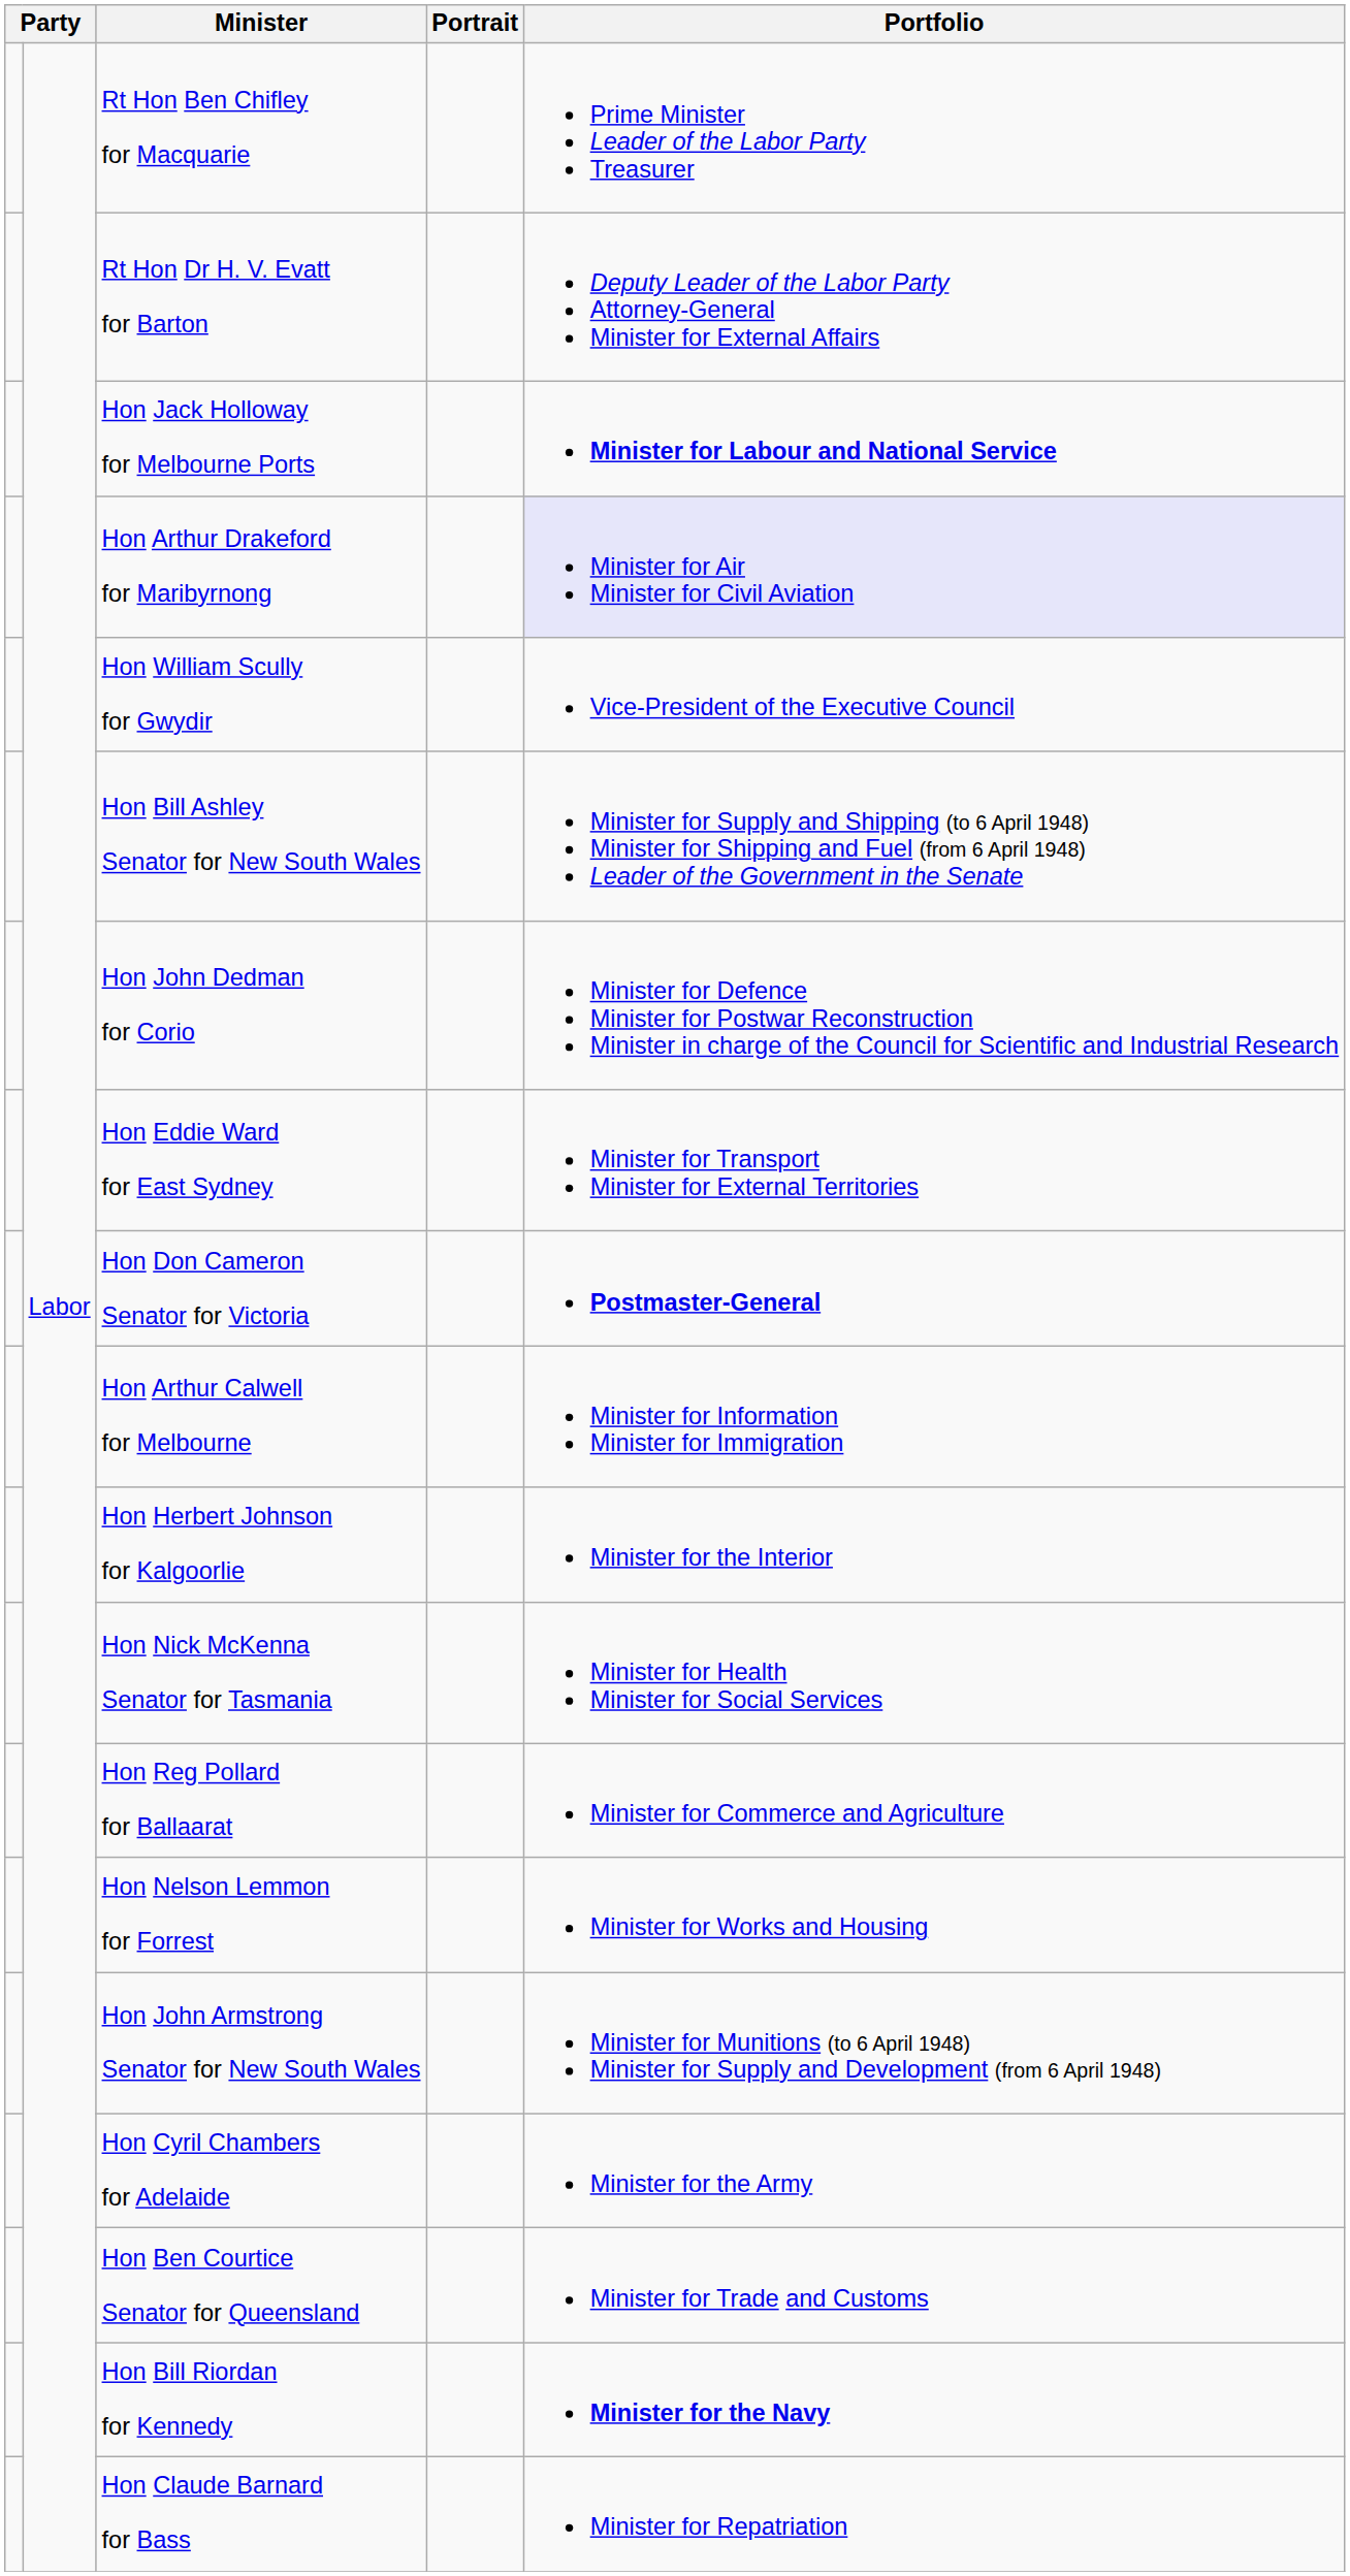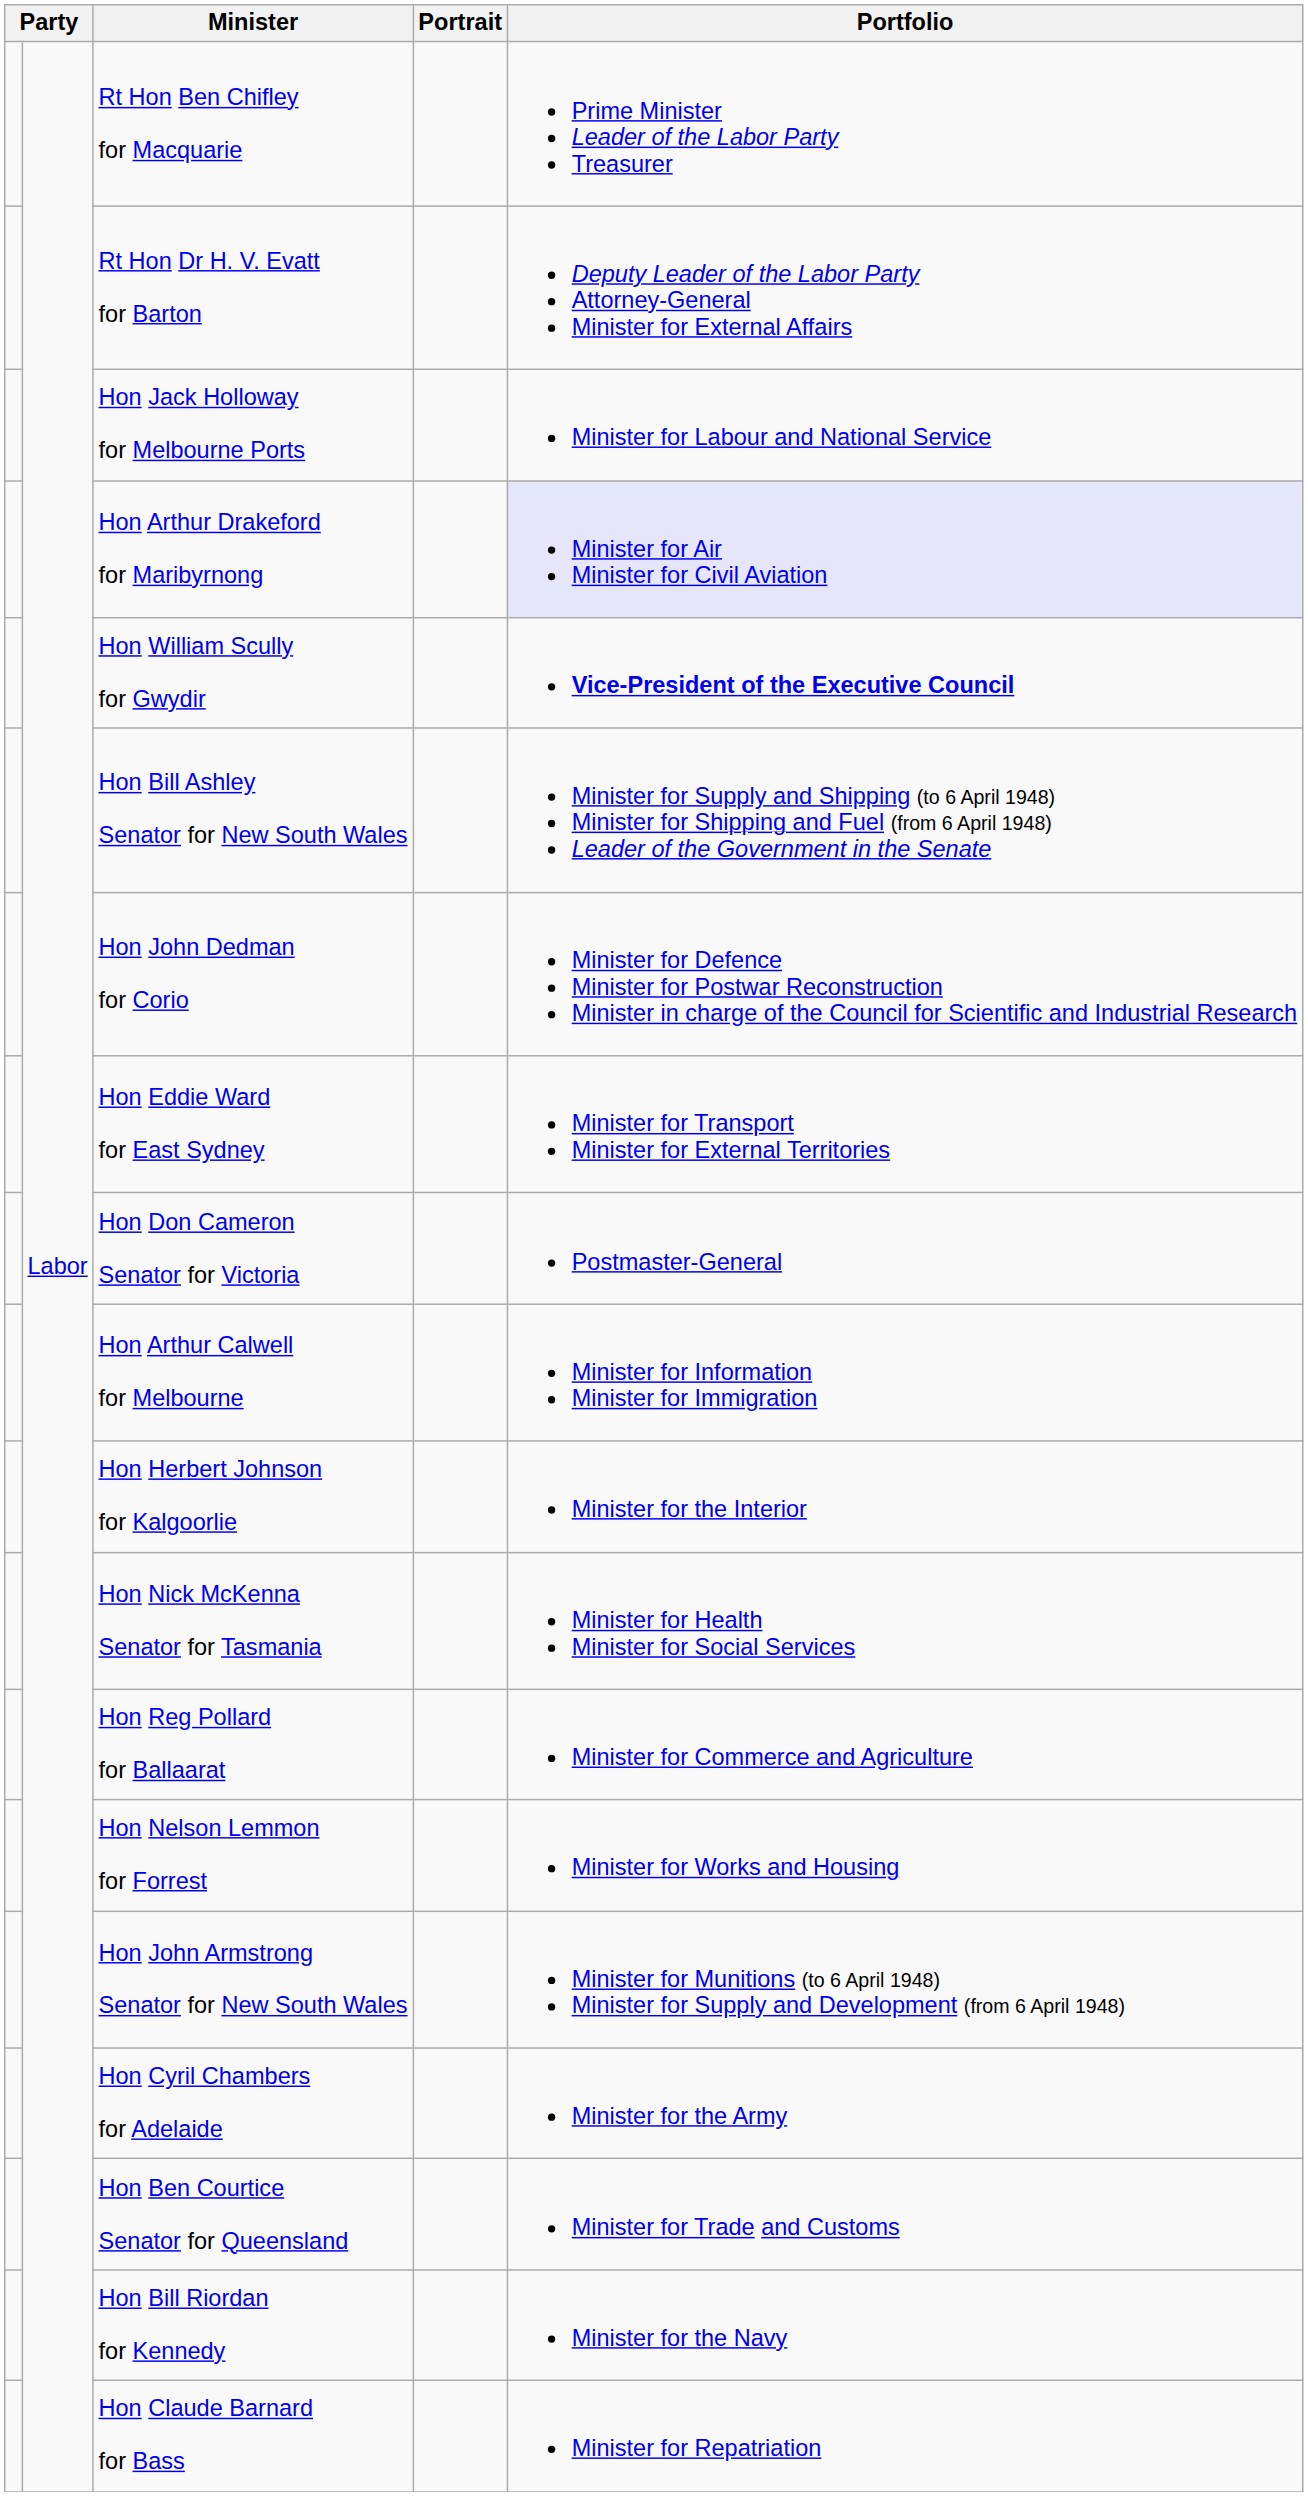 <table class="wikitable sortable">
 <tr>
 <th colspan="2">Party</th>
 <th>Minister</th>
 <th>Portrait</th>
 <th>Portfolio</th>
 </tr>
 <tr>
 <td> </td>
 <td rowspan=19><a href='#'>Labor</a></td>
 <td><a href='#'>Rt Hon</a> <a href='#'>Ben Chifley</a> <br><br> for <a href='#'>Macquarie</a> <br></td>
 <td></td>
 <td><br><ul><li><a href='#'>Prime Minister</a></li><li><em><a href='#'>Leader of the Labor Party</a></em></li><li><a href='#'>Treasurer</a></li></ul></td>
 </tr>
 <tr>
 <td> </td>
 <td><a href='#'>Rt Hon</a> <a href='#'>Dr H. V. Evatt</a>  <br><br> for <a href='#'>Barton</a> <br></td>
 <td></td>
 <td><br><ul><li><em><a href='#'>Deputy Leader of the Labor Party</a></em></li><li><a href='#'>Attorney-General</a></li><li><a href='#'>Minister for External Affairs</a></li></ul></td>
 </tr>
 <tr>
 <td> </td>
 <td><a href='#'>Hon</a> <a href='#'>Jack Holloway</a> <br><br> for <a href='#'>Melbourne Ports</a> <br></td>
 <td></td>
-<td><strong><br><ul><li><a href='#'>Minister for Labour and National Service</a></li></ul></strong></td>
+<td><br><ul><li><a href='#'>Minister for Labour and National Service</a></li></ul></td>
 </tr>
 <tr>
 <td> </td>
 <td><a href='#'>Hon</a> <a href='#'>Arthur Drakeford</a> <br><br> for <a href='#'>Maribyrnong</a> <br></td>
 <td></td>
 <td style="background: lavender;"><br><ul><li><a href='#'>Minister for Air</a></li><li><a href='#'>Minister for Civil Aviation</a></li></ul></td>
 </tr>
 <tr>
 <td> </td>
 <td><a href='#'>Hon</a> <a href='#'>William Scully</a> <br><br> for <a href='#'>Gwydir</a> <br></td>
 <td></td>
-<td><br><ul><li><a href='#'>Vice-President of the Executive Council</a></li></ul></td>
+<td><strong><br><ul><li><a href='#'>Vice-President of the Executive Council</a></li></ul></strong></td>
 </tr>
 <tr>
 <td> </td>
 <td><a href='#'>Hon</a> <a href='#'>Bill Ashley</a> <br><br><a href='#'>Senator</a> for <a href='#'>New South Wales</a> <br></td>
 <td></td>
 <td><br><ul><li><a href='#'>Minister for Supply and Shipping</a> <small>(to 6 April 1948)</small></li><li><a href='#'>Minister for Shipping and Fuel</a> <small>(from 6 April 1948)</small></li><li><em><a href='#'>Leader of the Government in the Senate</a></em></li></ul></td>
 </tr>
 <tr>
 <td> </td>
 <td><a href='#'>Hon</a> <a href='#'>John Dedman</a> <br><br> for <a href='#'>Corio</a> <br></td>
 <td></td>
 <td><br><ul><li><a href='#'>Minister for Defence</a></li><li><a href='#'>Minister for Postwar Reconstruction</a></li><li><a href='#'>Minister in charge of the Council for Scientific and Industrial Research</a></li></ul></td>
 </tr>
 <tr>
 <td> </td>
 <td><a href='#'>Hon</a> <a href='#'>Eddie Ward</a> <br><br> for <a href='#'>East Sydney</a> <br></td>
 <td></td>
 <td><br><ul><li><a href='#'>Minister for Transport</a></li><li><a href='#'>Minister for External Territories</a></li></ul></td>
 </tr>
 <tr>
 <td> </td>
 <td><a href='#'>Hon</a> <a href='#'>Don Cameron</a> <br><br><a href='#'>Senator</a> for <a href='#'>Victoria</a> <br></td>
 <td></td>
-<td><strong><br><ul><li><a href='#'>Postmaster-General</a></li></ul></strong></td>
+<td><br><ul><li><a href='#'>Postmaster-General</a></li></ul></td>
 </tr>
 <tr>
 <td> </td>
 <td><a href='#'>Hon</a> <a href='#'>Arthur Calwell</a> <br><br> for <a href='#'>Melbourne</a> <br></td>
 <td></td>
 <td><br><ul><li><a href='#'>Minister for Information</a></li><li><a href='#'>Minister for Immigration</a></li></ul></td>
 </tr>
 <tr>
 <td> </td>
 <td><a href='#'>Hon</a> <a href='#'>Herbert Johnson</a> <br><br> for <a href='#'>Kalgoorlie</a> <br></td>
 <td></td>
 <td><br><ul><li><a href='#'>Minister for the Interior</a></li></ul></td>
 </tr>
 <tr>
 <td> </td>
 <td><a href='#'>Hon</a> <a href='#'>Nick McKenna</a> <br><br><a href='#'>Senator</a> for <a href='#'>Tasmania</a> <br></td>
 <td></td>
 <td><br><ul><li><a href='#'>Minister for Health</a></li><li><a href='#'>Minister for Social Services</a></li></ul></td>
 </tr>
 <tr>
 <td> </td>
 <td><a href='#'>Hon</a> <a href='#'>Reg Pollard</a> <br><br> for <a href='#'>Ballaarat</a> <br></td>
 <td></td>
 <td><br><ul><li><a href='#'>Minister for Commerce and Agriculture</a></li></ul></td>
 </tr>
 <tr>
 <td> </td>
 <td><a href='#'>Hon</a> <a href='#'>Nelson Lemmon</a> <br><br> for <a href='#'>Forrest</a> <br></td>
 <td></td>
 <td><br><ul><li><a href='#'>Minister for Works and Housing</a></li></ul></td>
 </tr>
 <tr>
 <td> </td>
 <td><a href='#'>Hon</a> <a href='#'>John Armstrong</a> <br><br><a href='#'>Senator</a> for <a href='#'>New South Wales</a> <br></td>
 <td></td>
 <td><br><ul><li><a href='#'>Minister for Munitions</a> <small>(to 6 April 1948)</small></li><li><a href='#'>Minister for Supply and Development</a> <small>(from 6 April 1948)</small></li></ul></td>
 </tr>
 <tr>
 <td> </td>
 <td><a href='#'>Hon</a> <a href='#'>Cyril Chambers</a> <br><br> for <a href='#'>Adelaide</a> <br></td>
 <td></td>
 <td><br><ul><li><a href='#'>Minister for the Army</a></li></ul></td>
 </tr>
 <tr>
 <td> </td>
 <td><a href='#'>Hon</a> <a href='#'>Ben Courtice</a> <br><br><a href='#'>Senator</a> for <a href='#'>Queensland</a> <br></td>
 <td></td>
 <td><br><ul><li><a href='#'>Minister for Trade</a> <a href='#'>and Customs</a></li></ul></td>
 </tr>
 <tr>
 <td> </td>
 <td><a href='#'>Hon</a> <a href='#'>Bill Riordan</a> <br><br> for <a href='#'>Kennedy</a> <br></td>
 <td></td>
-<td><strong><br><ul><li><a href='#'>Minister for the Navy</a></li></ul></strong></td>
+<td><br><ul><li><a href='#'>Minister for the Navy</a></li></ul></td>
 </tr>
 <tr>
 <td> </td>
 <td><a href='#'>Hon</a> <a href='#'>Claude Barnard</a> <br><br> for <a href='#'>Bass</a> <br></td>
 <td></td>
 <td><br><ul><li><a href='#'>Minister for Repatriation</a></li></ul></td>
 </tr>
 </table>
